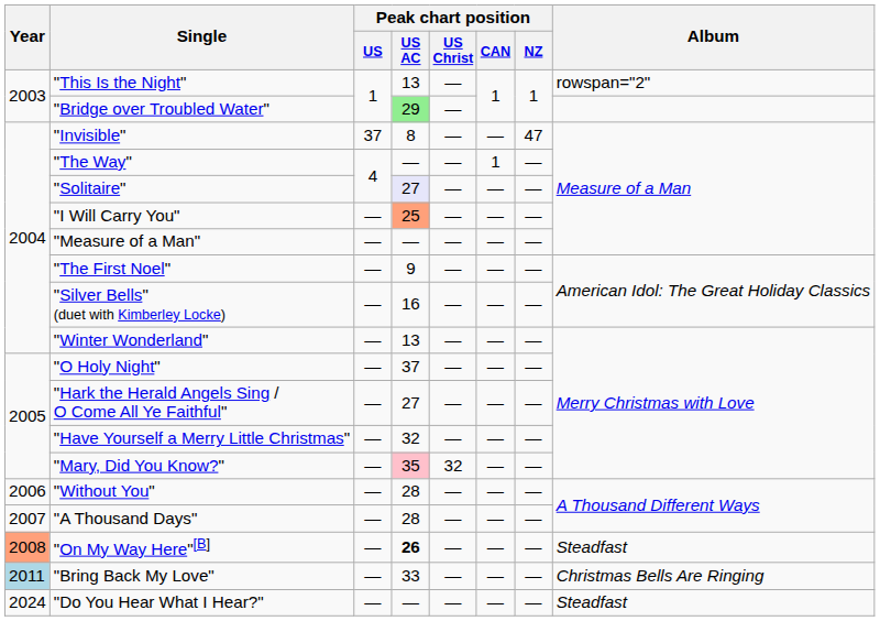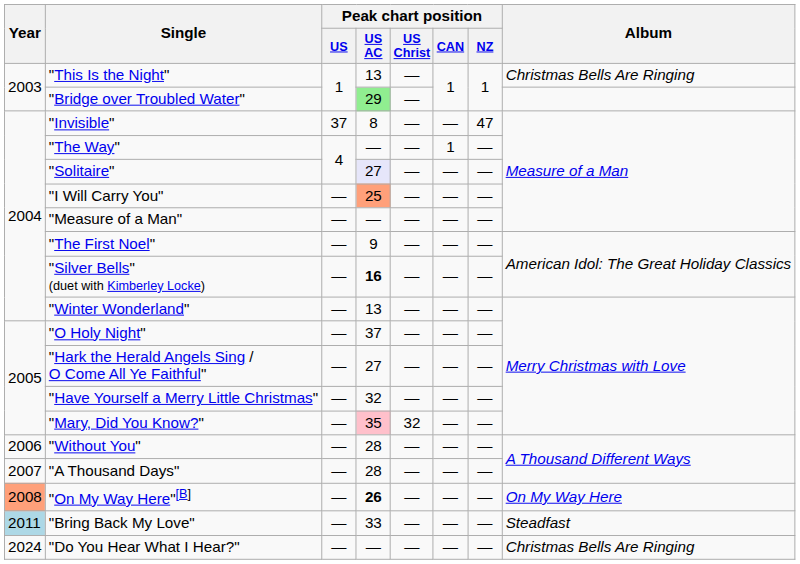 <table class="wikitable">
 <tr>
 <th rowspan="2">Year</th>
 <th rowspan="2">Single</th>
 <th colspan="5">Peak chart position</th>
 <th rowspan="2">Album</th>
 </tr>
 <tr style="font-size:smaller;">
 <th width="30"><a href='#'>US</a><br></th>
 <th width="30"><a href='#'>US<br>AC</a><br></th>
 <th width="30"><a href='#'>US<br>Christ</a></th>
 <th width="30"><a href='#'>CAN</a><br></th>
 <th width="30"><a href='#'>NZ</a><br></th>
 </tr>
 <tr>
 <td rowspan="2">2003</td>
 <td>"<a href='#'>This Is the Night</a>"</td>
 <td rowspan="2" align="center">1</td>
 <td align="center">13</td>
 <td align="center">—</td>
 <td rowspan="2" align="center">1</td>
 <td rowspan="2" align="center">1</td>
-<td>rowspan="2" </td>
+<td><em>Christmas Bells Are Ringing</em></td>
 </tr>
 <tr>
 <td>"<a href='#'>Bridge over Troubled Water</a>"</td>
 <td align="center" style="background: lightgreen;">29</td>
 <td align="center">—</td>
 </tr>
 <tr>
 <td rowspan="8">2004</td>
 <td>"<a href='#'>Invisible</a>"</td>
 <td align="center">37</td>
 <td align="center">8</td>
 <td align="center">—</td>
 <td align="center">—</td>
 <td align="center">47</td>
 <td rowspan="5"><em><a href='#'>Measure of a Man</a></em></td>
 </tr>
 <tr>
 <td>"<a href='#'>The Way</a>"</td>
 <td rowspan="2" align="center">4</td>
 <td align="center">—</td>
 <td align="center">—</td>
 <td align="center">1</td>
 <td align="center">—</td>
 </tr>
 <tr>
 <td>"<a href='#'>Solitaire</a>"</td>
 <td align="center" style="background: lavender;">27</td>
 <td align="center">—</td>
 <td align="center">—</td>
 <td align="center">—</td>
 </tr>
 <tr>
 <td>"I Will Carry You"</td>
 <td align="center">—</td>
 <td align="center" style="background: lightsalmon;">25</td>
 <td align="center">—</td>
 <td align="center">—</td>
 <td align="center">—</td>
 </tr>
 <tr>
 <td>"Measure of a Man"</td>
 <td align="center">—</td>
 <td align="center">—</td>
 <td align="center">—</td>
 <td align="center">—</td>
 <td align="center">—</td>
 </tr>
 <tr>
 <td>"<a href='#'>The First Noel</a>"</td>
 <td align="center">—</td>
 <td align="center">9</td>
 <td align="center">—</td>
 <td align="center">—</td>
 <td align="center">—</td>
 <td rowspan="2"><em>American Idol: The Great Holiday Classics</em></td>
 </tr>
 <tr>
 <td>"<a href='#'>Silver Bells</a>"<br><small>(duet with <a href='#'>Kimberley Locke</a>)</small></td>
 <td align="center">—</td>
-<td align="center">16</td>
+<td align="center"><strong>16</strong></td>
 <td align="center">—</td>
 <td align="center">—</td>
 <td align="center">—</td>
 </tr>
 <tr>
 <td>"<a href='#'>Winter Wonderland</a>"</td>
 <td align="center">—</td>
 <td align="center">13</td>
 <td align="center">—</td>
 <td align="center">—</td>
 <td align="center">—</td>
 <td rowspan="5"><em><a href='#'>Merry Christmas with Love</a></em></td>
 </tr>
 <tr>
 <td rowspan="4">2005</td>
 <td>"<a href='#'>O Holy Night</a>"</td>
 <td align="center">—</td>
 <td align="center">37</td>
 <td align="center">—</td>
 <td align="center">—</td>
 <td align="center">—</td>
 </tr>
 <tr>
 <td>"<a href='#'>Hark the Herald Angels Sing</a> / <br><a href='#'>O Come All Ye Faithful</a>"</td>
 <td align="center">—</td>
 <td align="center">27</td>
 <td align="center">—</td>
 <td align="center">—</td>
 <td align="center">—</td>
 </tr>
 <tr>
 <td>"<a href='#'>Have Yourself a Merry Little Christmas</a>"</td>
 <td align="center">—</td>
 <td align="center">32</td>
 <td align="center">—</td>
 <td align="center">—</td>
 <td align="center">—</td>
 </tr>
 <tr>
 <td>"<a href='#'>Mary, Did You Know?</a>"</td>
 <td align="center">—</td>
 <td align="center" style="background: pink;">35</td>
 <td align="center">32</td>
 <td align="center">—</td>
 <td align="center">—</td>
 </tr>
 <tr>
 <td>2006</td>
 <td>"<a href='#'>Without You</a>"</td>
 <td align="center">—</td>
 <td align="center">28</td>
 <td align="center">—</td>
 <td align="center">—</td>
 <td align="center">—</td>
 <td rowspan="2"><em><a href='#'>A Thousand Different Ways</a></em></td>
 </tr>
 <tr>
 <td>2007</td>
 <td>"A Thousand Days"</td>
 <td align="center">—</td>
 <td align="center">28</td>
 <td align="center">—</td>
 <td align="center">—</td>
 <td align="center">—</td>
 </tr>
 <tr>
 <td style="background: lightsalmon;">2008</td>
 <td>"<a href='#'>On My Way Here</a>"<sup><span></span><a href='#'>[B</a>]</sup></td>
 <td align="center">—</td>
 <td align="center"><strong>26</strong></td>
 <td align="center">—</td>
 <td align="center">—</td>
 <td align="center">—</td>
-<td><em>Steadfast</em></td>
+<td><em><a href='#'>On My Way Here</a></em></td>
 </tr>
 <tr>
 <td style="background: lightblue;">2011</td>
 <td>"Bring Back My Love"</td>
 <td align="center">—</td>
 <td align="center">33</td>
 <td align="center">—</td>
 <td align="center">—</td>
 <td align="center">—</td>
-<td><em>Christmas Bells Are Ringing</em></td>
+<td><em>Steadfast</em></td>
 </tr>
 <tr>
 <td>2024</td>
 <td>"Do You Hear What I Hear?"</td>
 <td align="center">—</td>
 <td align="center">—</td>
 <td align="center">—</td>
 <td align="center">—</td>
 <td align="center">—</td>
-<td><em>Steadfast</em></td>
+<td><em>Christmas Bells Are Ringing</em></td>
 </tr>
 </table>
